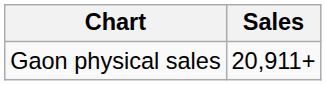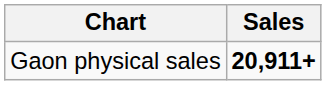 <table class="wikitable">
 <tr>
 <th>Chart</th>
 <th>Sales</th>
 </tr>
 <tr>
 <td>Gaon physical sales</td>
-<td align="center">20,911+</td>
+<td align="center"><strong>20,911+</strong></td>
 </tr>
 </table>
